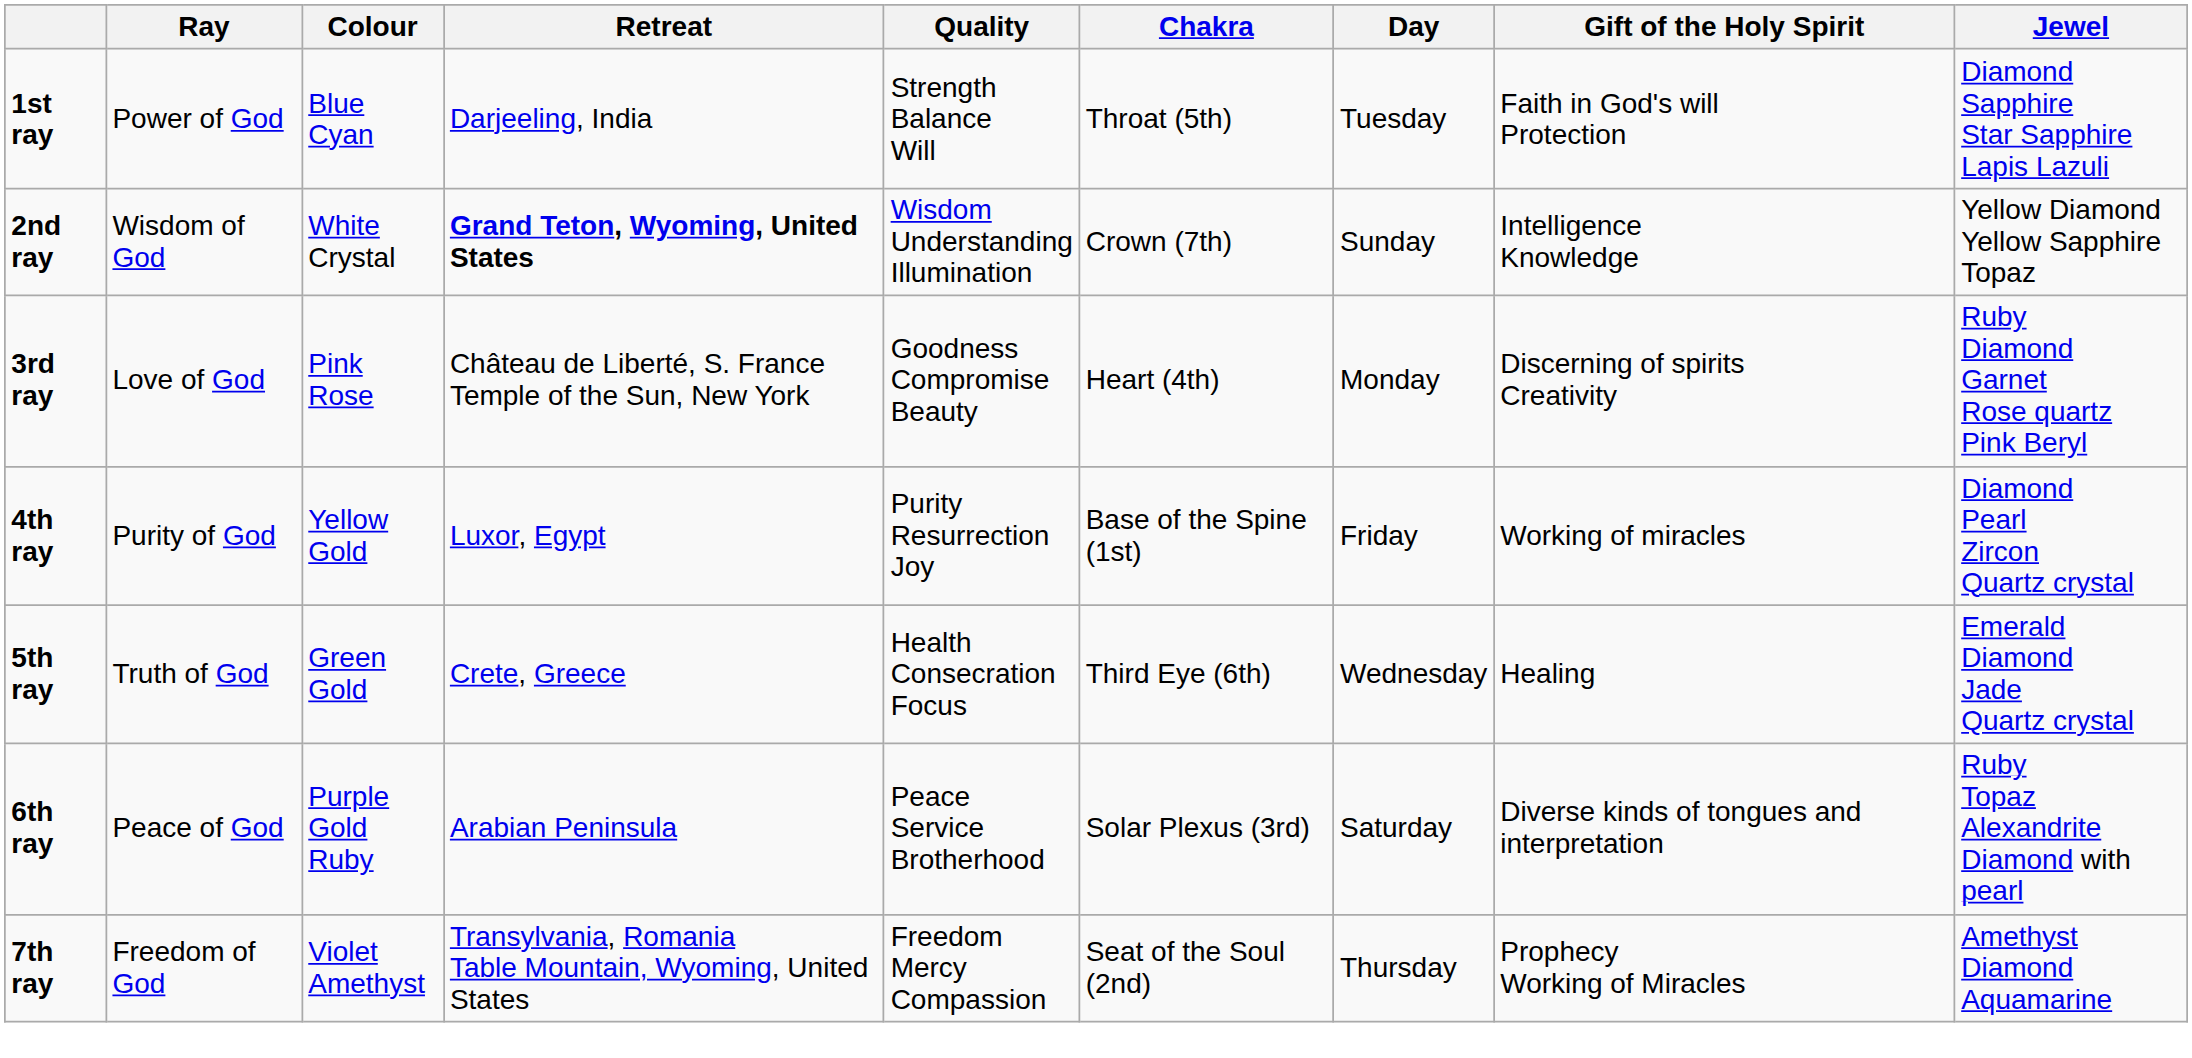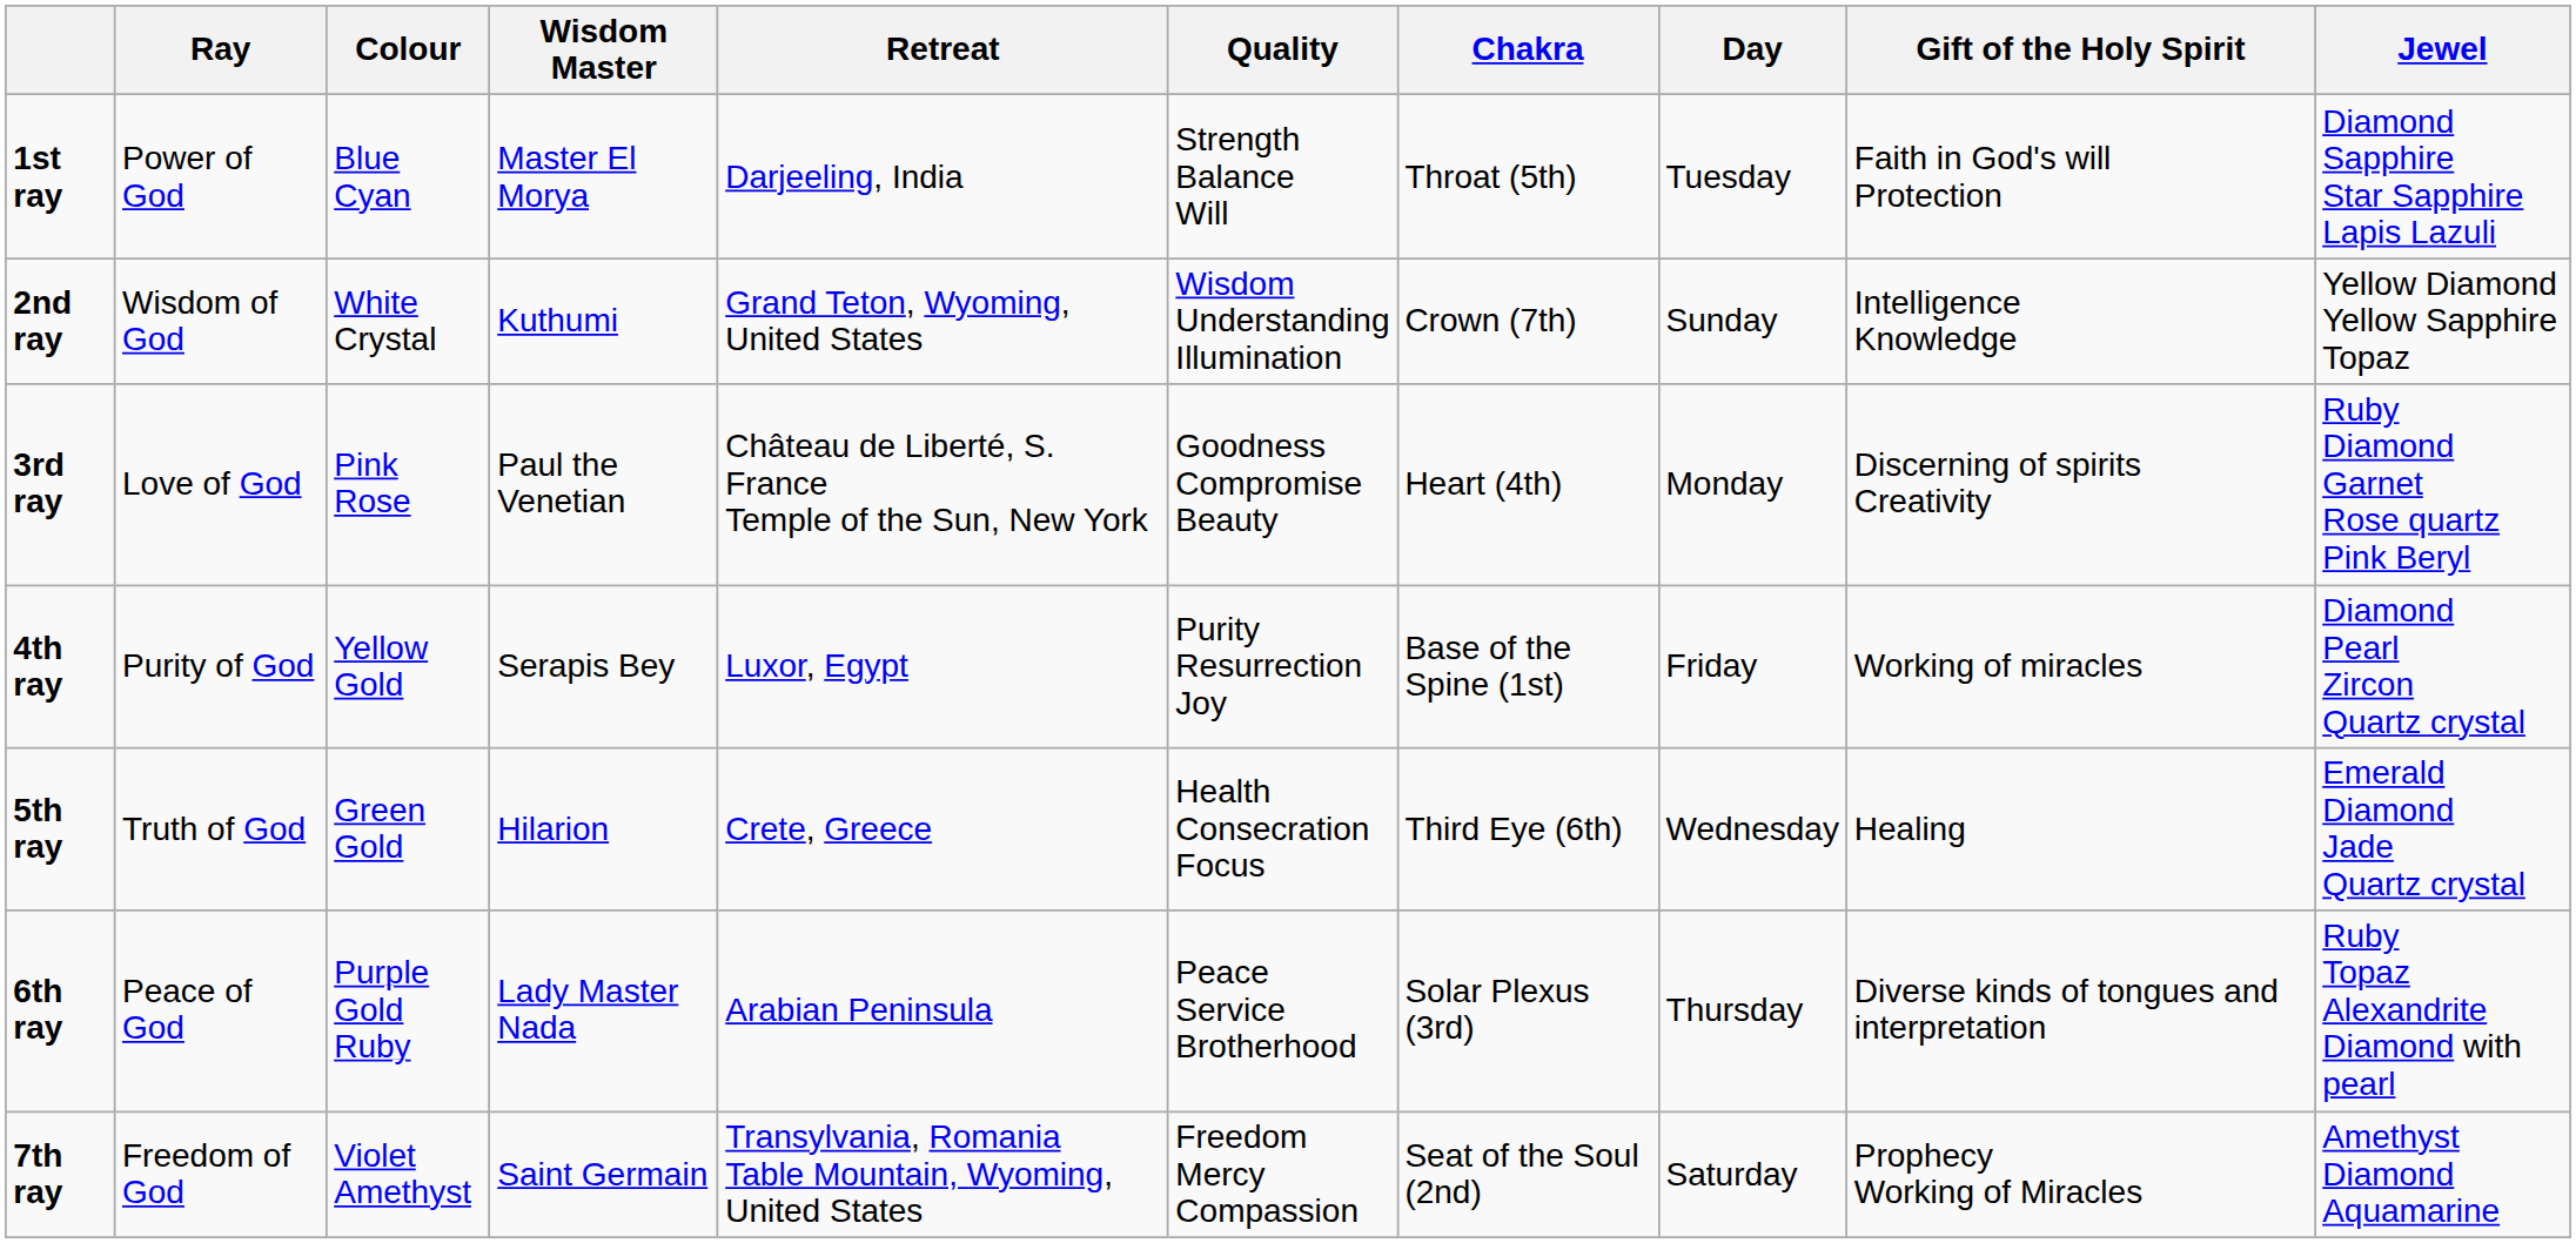 <table class="wikitable">
 <tr>
 <th></th>
 <th>Ray</th>
 <th>Colour</th>
+<th>Wisdom Master</th>
 <th>Retreat</th>
 <th>Quality</th>
 <th><a href='#'>Chakra</a></th>
 <th>Day</th>
 <th>Gift of the Holy Spirit</th>
 <th><a href='#'>Jewel</a></th>
 </tr>
 <tr>
 <td><strong>1st ray</strong></td>
 <td>Power of <a href='#'>God</a></td>
 <td><a href='#'>Blue</a><br><a href='#'>Cyan</a></td>
+<td><a href='#'>Master El Morya</a></td>
 <td><a href='#'>Darjeeling</a>, India</td>
 <td>Strength<br>Balance<br>Will</td>
 <td>Throat (5th)</td>
 <td>Tuesday</td>
 <td>Faith in God's will<br>Protection</td>
 <td><a href='#'>Diamond</a><br><a href='#'>Sapphire</a><br><a href='#'>Star Sapphire</a><br><a href='#'>Lapis Lazuli</a></td>
 </tr>
 <tr>
 <td><strong>2nd ray</strong></td>
 <td>Wisdom of <a href='#'>God</a></td>
 <td><a href='#'>White</a><br>Crystal</td>
-<td><strong><a href='#'>Grand Teton</a>, <a href='#'>Wyoming</a>, United States</strong></td>
+<td><a href='#'>Kuthumi</a></td>
+<td><a href='#'>Grand Teton</a>, <a href='#'>Wyoming</a>, United States</td>
 <td><a href='#'>Wisdom</a><br>Understanding<br>Illumination</td>
 <td>Crown (7th)</td>
 <td>Sunday</td>
 <td>Intelligence<br>Knowledge</td>
 <td>Yellow Diamond<br>Yellow Sapphire<br>Topaz</td>
 </tr>
 <tr>
 <td><strong>3rd ray</strong></td>
 <td>Love of <a href='#'>God</a></td>
 <td><a href='#'>Pink</a><br><a href='#'>Rose</a></td>
+<td>Paul the Venetian</td>
 <td>Château de Liberté, S. France<br>Temple of the Sun, New York</td>
 <td>Goodness<br>Compromise<br>Beauty</td>
 <td>Heart (4th)</td>
 <td>Monday</td>
 <td>Discerning of spirits<br>Creativity</td>
 <td><a href='#'>Ruby</a><br><a href='#'>Diamond</a><br><a href='#'>Garnet</a><br><a href='#'>Rose quartz</a><br><a href='#'>Pink Beryl</a></td>
 </tr>
 <tr>
 <td><strong>4th ray</strong></td>
 <td>Purity of <a href='#'>God</a></td>
 <td><a href='#'>Yellow</a><br><a href='#'>Gold</a></td>
+<td>Serapis Bey</td>
 <td><a href='#'>Luxor</a>, <a href='#'>Egypt</a></td>
 <td>Purity<br>Resurrection<br>Joy</td>
 <td>Base of the Spine (1st)</td>
 <td>Friday</td>
 <td>Working of miracles</td>
 <td><a href='#'>Diamond</a><br><a href='#'>Pearl</a><br><a href='#'>Zircon</a><br><a href='#'>Quartz crystal</a></td>
 </tr>
 <tr>
 <td><strong>5th ray</strong></td>
 <td>Truth of <a href='#'>God</a></td>
 <td><a href='#'>Green</a><br><a href='#'>Gold</a></td>
+<td><a href='#'>Hilarion</a></td>
 <td><a href='#'>Crete</a>, <a href='#'>Greece</a></td>
 <td>Health<br>Consecration<br>Focus</td>
 <td>Third Eye (6th)</td>
 <td>Wednesday</td>
 <td>Healing</td>
 <td><a href='#'>Emerald</a><br><a href='#'>Diamond</a><br><a href='#'>Jade</a><br><a href='#'>Quartz crystal</a></td>
 </tr>
 <tr>
 <td><strong>6th ray</strong></td>
 <td>Peace of <a href='#'>God</a></td>
 <td><a href='#'>Purple</a><br><a href='#'>Gold</a> <a href='#'>Ruby</a></td>
+<td><a href='#'>Lady Master Nada</a></td>
 <td><a href='#'>Arabian Peninsula</a></td>
 <td>Peace<br>Service<br>Brotherhood</td>
 <td>Solar Plexus (3rd)</td>
-<td>Saturday</td>
+<td>Thursday</td>
 <td>Diverse kinds of tongues and interpretation</td>
 <td><a href='#'>Ruby</a><br><a href='#'>Topaz</a><br><a href='#'>Alexandrite</a><br><a href='#'>Diamond</a> with <a href='#'>pearl</a></td>
 </tr>
 <tr>
 <td><strong>7th ray</strong></td>
 <td>Freedom of <a href='#'>God</a></td>
 <td><a href='#'>Violet</a><br><a href='#'>Amethyst</a></td>
+<td><a href='#'>Saint Germain</a></td>
 <td><a href='#'>Transylvania</a>, <a href='#'>Romania</a><br><a href='#'>Table Mountain, Wyoming</a>, United States</td>
 <td>Freedom<br>Mercy<br>Compassion</td>
 <td>Seat of the Soul (2nd)</td>
-<td>Thursday</td>
+<td>Saturday</td>
 <td>Prophecy<br>Working of Miracles</td>
 <td><a href='#'>Amethyst</a><br><a href='#'>Diamond</a><br><a href='#'>Aquamarine</a></td>
 </tr>
 </table>
